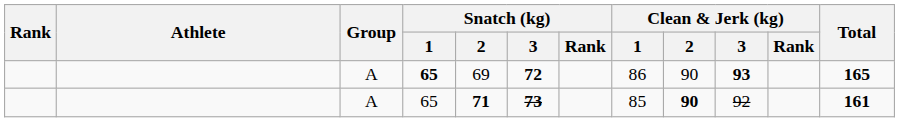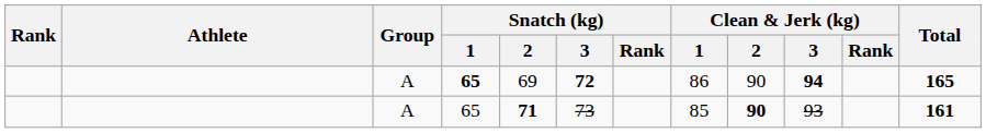 <table class = "wikitable" style="text-align:center;">
 <tr>
 <th rowspan=2 width=40>Rank</th>
 <th rowspan=2 width=250>Athlete</th>
 <th rowspan=2 width=50>Group</th>
 <th colspan=4>Snatch (kg)</th>
 <th colspan=4>Clean & Jerk (kg)</th>
 <th rowspan=2 width=60>Total</th>
 </tr>
 <tr>
 <th width=40>1</th>
 <th width=40>2</th>
 <th width=40>3</th>
 <th width=40>Rank</th>
 <th width=40>1</th>
 <th width=40>2</th>
 <th width=40>3</th>
 <th width=40>Rank</th>
 </tr>
 <tr>
 <td></td>
 <td align=left></td>
 <td>A</td>
 <td><strong>65</strong></td>
 <td>69</td>
 <td><strong>72</strong></td>
 <td></td>
 <td>86</td>
 <td>90</td>
-<td><strong>93</strong></td>
+<td><strong>94</strong></td>
 <td></td>
 <td><strong>165</strong></td>
 </tr>
 <tr>
 <td></td>
 <td align=left></td>
 <td>A</td>
 <td>65</td>
 <td><strong>71</strong></td>
-<td><strong><s>73</s></strong></td>
+<td><s>73</s></td>
 <td></td>
 <td>85</td>
 <td><strong>90</strong></td>
-<td><s>92</s></td>
+<td><s>93</s></td>
 <td></td>
 <td><strong>161</strong></td>
 </tr>
 </table>
